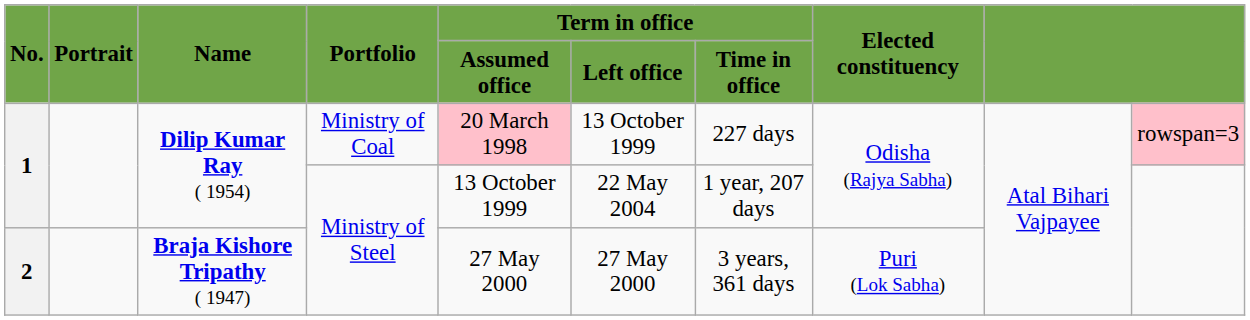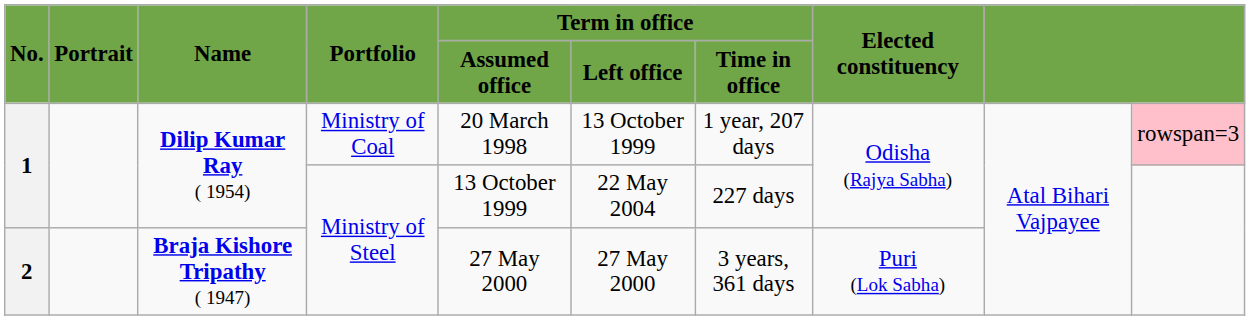 <table class="wikitable sortable" style="text-align:center;">
 <tr>
 <th rowspan=2 style="background-color:#70A548;color:black">No.</th>
 <th rowspan=2 style="background-color:#70A548;color:black">Portrait</th>
 <th rowspan=2 style="background-color:#70A548;color:black">Name<br></th>
 <th rowspan=2 style="background-color:#70A548;color:black">Portfolio</th>
 <th colspan=3 style="background-color:#70A548;color:black">Term in office</th>
 <th rowspan=2 style="background-color:#70A548;color:black">Elected constituency<br></th>
 <th rowspan=2 colspan=2 style="background-color:#70A548;color:black"><a href='#'></a></th>
 </tr>
 <tr>
 <th style="background-color:#70A548;color:black">Assumed office</th>
 <th style="background-color:#70A548;color:black">Left office</th>
 <th style="background-color:#70A548;color:black">Time in office</th>
 </tr>
 <tr>
 <th rowspan=2>1</th>
 <td rowspan=2></td>
 <td rowspan=2><strong><a href='#'>Dilip Kumar Ray</a></strong><br><small>( 1954)</small></td>
 <td><a href='#'>Ministry of Coal</a></td>
-<td style="background: pink;">20 March 1998</td>
+<td>20 March 1998</td>
 <td>13 October 1999</td>
-<td>227 days</td>
+<td>1 year, 207 days</td>
 <td rowspan=2><a href='#'>Odisha</a><br><small>(<a href='#'>Rajya Sabha</a>)</small></td>
 <td rowspan=3><a href='#'>Atal Bihari Vajpayee</a></td>
 <td style="background: pink;">rowspan=3 </td>
 </tr>
 <tr>
 <td rowspan=2><a href='#'>Ministry of Steel</a></td>
 <td>13 October 1999</td>
 <td>22 May 2004</td>
-<td>1 year, 207 days</td>
+<td>227 days</td>
 </tr>
 <tr>
 <th>2</th>
 <td></td>
 <td><strong><a href='#'>Braja Kishore Tripathy</a></strong><br><small>( 1947)</small></td>
 <td>27 May 2000</td>
 <td>27 May 2000</td>
 <td>3 years, 361 days</td>
 <td><a href='#'>Puri</a><br><small>(<a href='#'>Lok Sabha</a>)</small></td>
 </tr>
 </table>
